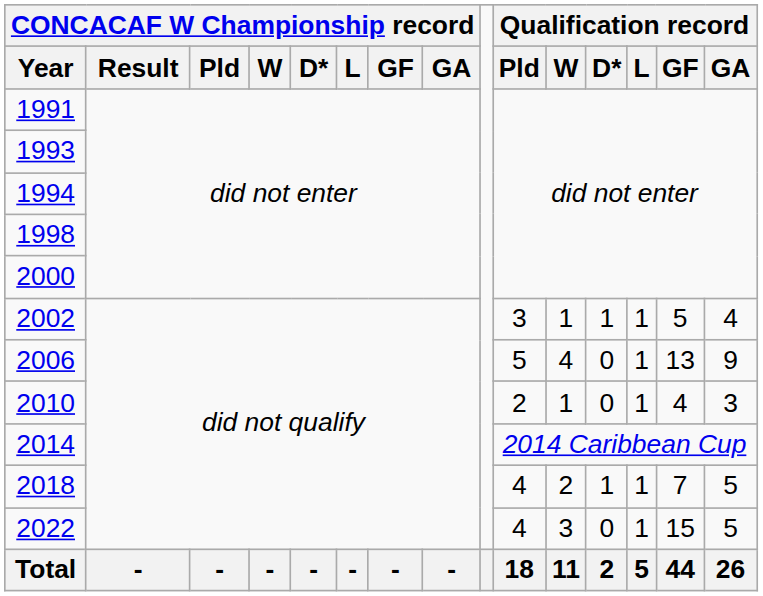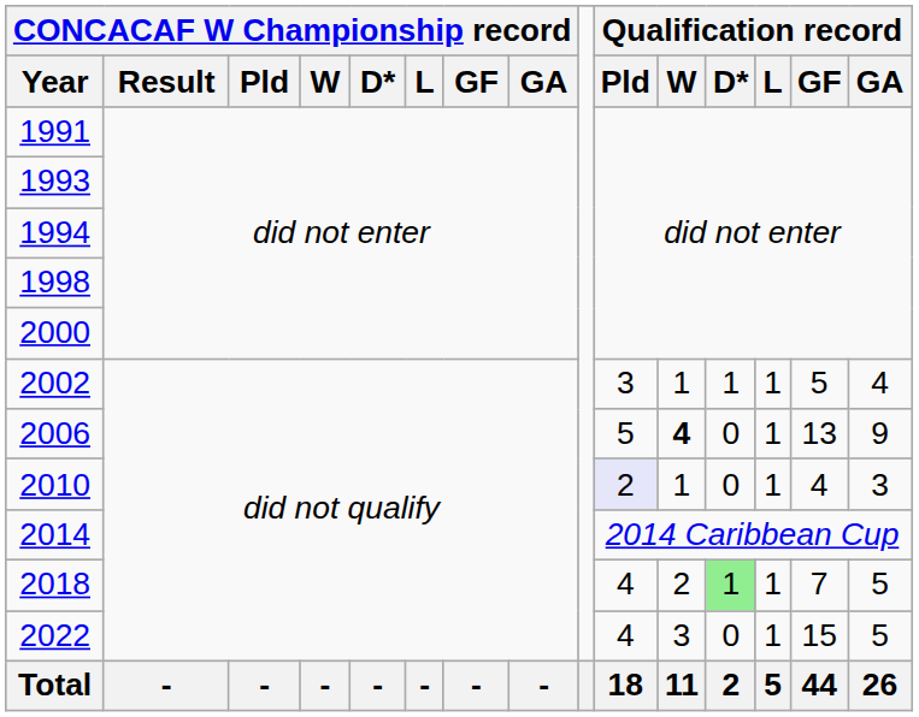 <table class="wikitable" style="text-align: center;">
 <tr>
 <th colspan=8><a href='#'>CONCACAF W Championship</a> record</th>
 <td rowspan=13></td>
 <th colspan=6>Qualification record</th>
 </tr>
 <tr>
 <th>Year</th>
 <th>Result</th>
 <th>Pld</th>
 <th>W</th>
 <th>D*</th>
 <th>L</th>
 <th>GF</th>
 <th>GA</th>
 <th>Pld</th>
 <th>W</th>
 <th>D*</th>
 <th>L</th>
 <th>GF</th>
 <th>GA</th>
 </tr>
 <tr>
 <td> <a href='#'>1991</a></td>
 <td colspan=7 rowspan=5><em>did not enter</em></td>
 <td colspan=6 rowspan=5><em>did not enter</em></td>
 </tr>
 <tr>
 <td> <a href='#'>1993</a></td>
 </tr>
 <tr>
 <td> <a href='#'>1994</a></td>
 </tr>
 <tr>
 <td> <a href='#'>1998</a></td>
 </tr>
 <tr>
 <td> <a href='#'>2000</a></td>
 </tr>
 <tr>
 <td> <a href='#'>2002</a></td>
 <td colspan=7 rowspan=6><em>did not qualify</em></td>
 <td>3</td>
 <td>1</td>
 <td>1</td>
 <td>1</td>
 <td>5</td>
 <td>4</td>
 </tr>
 <tr>
 <td> <a href='#'>2006</a></td>
 <td>5</td>
-<td>4</td>
+<td><strong>4</strong></td>
 <td>0</td>
 <td>1</td>
 <td>13</td>
 <td>9</td>
 </tr>
 <tr>
 <td> <a href='#'>2010</a></td>
-<td>2</td>
+<td style="background: lavender;">2</td>
 <td>1</td>
 <td>0</td>
 <td>1</td>
 <td>4</td>
 <td>3</td>
 </tr>
 <tr>
 <td> <a href='#'>2014</a></td>
 <td colspan=6><em><a href='#'>2014 Caribbean Cup</a></em></td>
 </tr>
 <tr>
 <td> <a href='#'>2018</a></td>
 <td>4</td>
 <td>2</td>
-<td>1</td>
+<td style="background: lightgreen;">1</td>
 <td>1</td>
 <td>7</td>
 <td>5</td>
 </tr>
 <tr>
 <td> <a href='#'>2022</a></td>
 <td>4</td>
 <td>3</td>
 <td>0</td>
 <td>1</td>
 <td>15</td>
 <td>5</td>
 </tr>
 <tr>
 <th>Total</th>
 <th>-</th>
 <th>-</th>
 <th>-</th>
 <th>-</th>
 <th>-</th>
 <th>-</th>
 <th>-</th>
 <th></th>
 <th>18</th>
 <th>11</th>
 <th>2</th>
 <th>5</th>
 <th>44</th>
 <th>26</th>
 </tr>
 </table>
